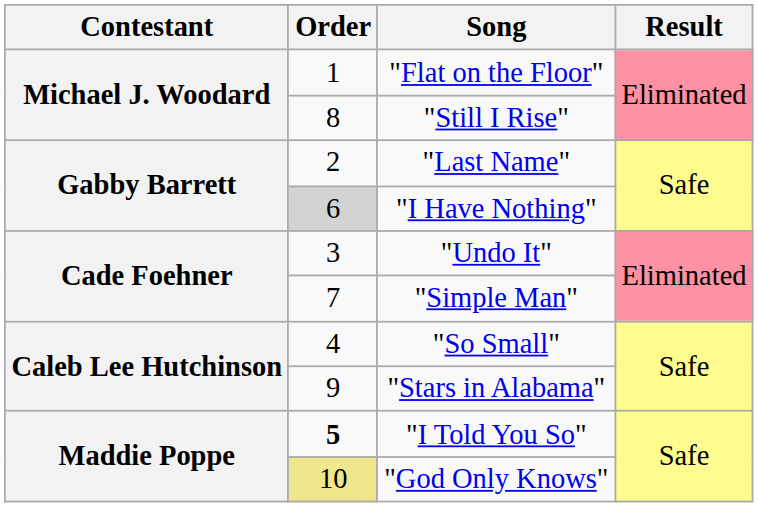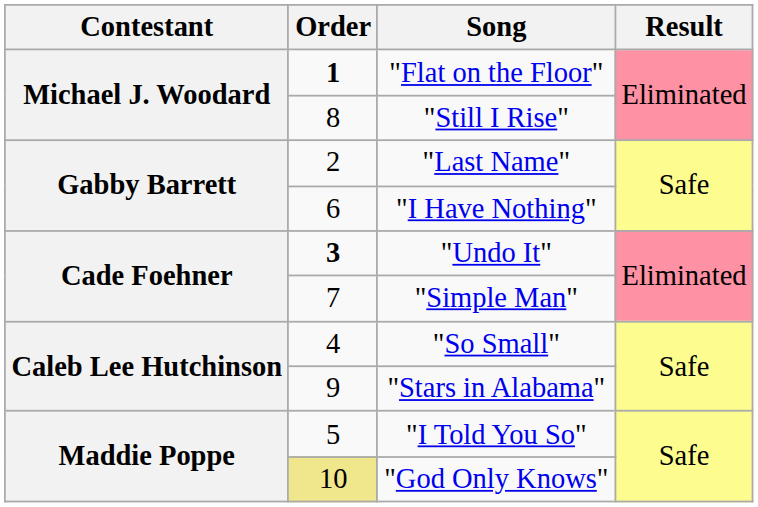 <table class="wikitable unsortable" style="text-align:center;">
 <tr>
 <th scope="col">Contestant</th>
 <th scope="col">Order</th>
 <th scope="col">Song</th>
 <th scope="col">Result</th>
 </tr>
 <tr>
 <th scope="row" rowspan="2">Michael J. Woodard</th>
-<td>1</td>
+<td><strong>1</strong></td>
 <td>"<a href='#'>Flat on the Floor</a>"</td>
 <td rowspan="2" style="background:#FF91A4;">Eliminated</td>
 </tr>
 <tr>
 <td>8</td>
 <td>"<a href='#'>Still I Rise</a>"</td>
 </tr>
 <tr>
 <th scope="row" rowspan="2">Gabby Barrett</th>
 <td>2</td>
 <td>"<a href='#'>Last Name</a>"</td>
 <td rowspan="2" style="background:#FDFC8F;">Safe</td>
 </tr>
 <tr>
-<td style="background: lightgrey;">6</td>
+<td>6</td>
 <td>"<a href='#'>I Have Nothing</a>"</td>
 </tr>
 <tr>
 <th scope="row" rowspan="2">Cade Foehner</th>
-<td>3</td>
+<td><strong>3</strong></td>
 <td>"<a href='#'>Undo It</a>"</td>
 <td rowspan="2" style="background:#FF91A4;">Eliminated</td>
 </tr>
 <tr>
 <td>7</td>
 <td>"<a href='#'>Simple Man</a>"</td>
 </tr>
 <tr>
 <th scope="row" rowspan="2">Caleb Lee Hutchinson</th>
 <td>4</td>
 <td>"<a href='#'>So Small</a>"</td>
 <td rowspan="2" style="background:#FDFC8F;">Safe</td>
 </tr>
 <tr>
 <td>9</td>
 <td>"<a href='#'>Stars in Alabama</a>"</td>
 </tr>
 <tr>
 <th scope="row" rowspan="2">Maddie Poppe</th>
-<td><strong>5</strong></td>
+<td>5</td>
 <td>"<a href='#'>I Told You So</a>"</td>
 <td rowspan="2" style="background:#FDFC8F;">Safe</td>
 </tr>
 <tr>
 <td style="background: khaki;">10</td>
 <td>"<a href='#'>God Only Knows</a>"</td>
 </tr>
 </table>
